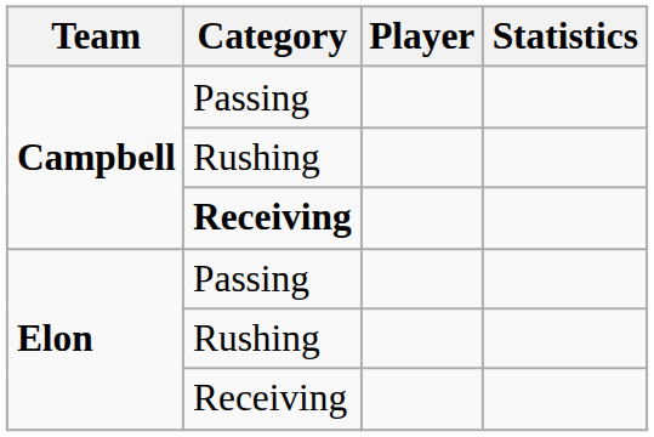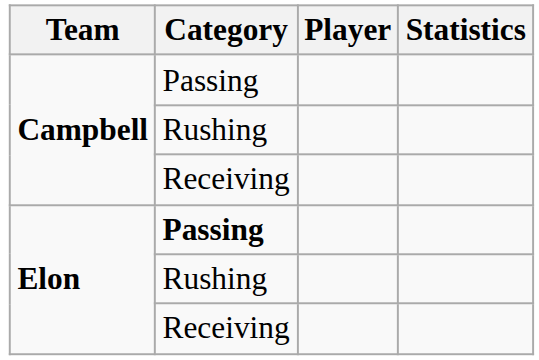 <table class="wikitable" style="float: right;">
 <tr>
 <th>Team</th>
 <th>Category</th>
 <th>Player</th>
 <th>Statistics</th>
 </tr>
 <tr>
 <td rowspan=3><strong>Campbell</strong></td>
 <td>Passing</td>
 <td></td>
 <td></td>
 </tr>
 <tr>
 <td>Rushing</td>
 <td></td>
 <td></td>
 </tr>
 <tr>
-<td><strong>Receiving</strong></td>
+<td>Receiving</td>
 <td></td>
 <td></td>
 </tr>
 <tr>
 <td rowspan=3><strong>Elon</strong></td>
-<td>Passing</td>
+<td><strong>Passing</strong></td>
 <td></td>
 <td></td>
 </tr>
 <tr>
 <td>Rushing</td>
 <td></td>
 <td></td>
 </tr>
 <tr>
 <td>Receiving</td>
 <td></td>
 <td></td>
 </tr>
 </table>
